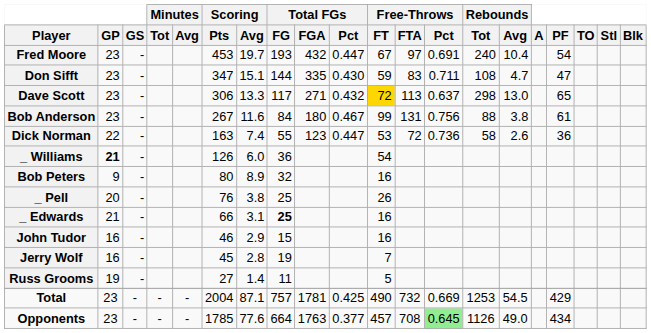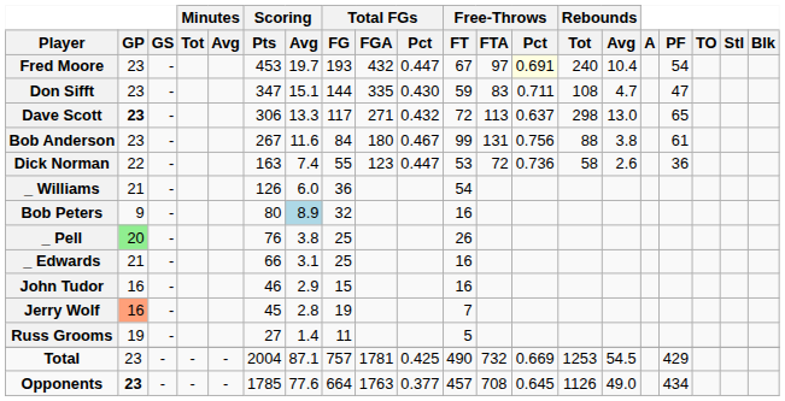 <table class="wikitable sortable" border="1" style="font-size:90%;">
 <tr>
 <th colspan="3" style="border-top-style:hidden; border-left-style:hidden; background: white;"></th>
 <th colspan="2" style=>Minutes</th>
 <th colspan="2" style=>Scoring</th>
 <th colspan="3" style=>Total FGs</th>
 <th colspan="3" style=>Free-Throws</th>
 <th colspan="2" style=>Rebounds</th>
 <th colspan="5" style="border-top-style:hidden; border-right-style:hidden; background: white;"></th>
 </tr>
 <tr>
 <th scope="col" style=>Player</th>
 <th scope="col" style=>GP</th>
 <th scope="col" style=>GS</th>
 <th scope="col" style=>Tot</th>
 <th scope="col" style=>Avg</th>
 <th scope="col" style=>Pts</th>
 <th scope="col" style=>Avg</th>
 <th scope="col" style=>FG</th>
 <th scope="col" style=>FGA</th>
 <th scope="col" style=>Pct</th>
 <th scope="col" style=>FT</th>
 <th scope="col" style=>FTA</th>
 <th scope="col" style=>Pct</th>
 <th scope="col" style=>Tot</th>
 <th scope="col" style=>Avg</th>
 <th scope="col" style=>A</th>
 <th scope="col" style=>PF</th>
 <th scope="col" style=>TO</th>
 <th scope="col" style=>Stl</th>
 <th scope="col" style=>Blk</th>
 </tr>
 <tr>
 <th>Fred Moore</th>
 <td align="right">23</td>
 <td align="right">-</td>
 <td align="right"></td>
 <td align="right"></td>
 <td align="right">453</td>
 <td align="right">19.7</td>
 <td align="right">193</td>
 <td align="right">432</td>
 <td align="right">0.447</td>
 <td align="right">67</td>
 <td align="right">97</td>
-<td align="right">0.691</td>
+<td align="right" style="background: lightyellow;">0.691</td>
 <td align="right">240</td>
 <td align="right">10.4</td>
 <td align="right"></td>
 <td align="right">54</td>
 <td align="right"></td>
 <td align="right"></td>
 <td align="right"></td>
 </tr>
 <tr>
 <th>Don Sifft</th>
 <td align="right">23</td>
 <td align="right">-</td>
 <td align="right"></td>
 <td align="right"></td>
 <td align="right">347</td>
 <td align="right">15.1</td>
 <td align="right">144</td>
 <td align="right">335</td>
 <td align="right">0.430</td>
 <td align="right">59</td>
 <td align="right">83</td>
 <td align="right">0.711</td>
 <td align="right">108</td>
 <td align="right">4.7</td>
 <td align="right"></td>
 <td align="right">47</td>
 <td align="right"></td>
 <td align="right"></td>
 <td align="right"></td>
 </tr>
 <tr>
 <th>Dave Scott</th>
-<td align="right">23</td>
+<td align="right"><strong>23</strong></td>
 <td align="right">-</td>
 <td align="right"></td>
 <td align="right"></td>
 <td align="right">306</td>
 <td align="right">13.3</td>
 <td align="right">117</td>
 <td align="right">271</td>
 <td align="right">0.432</td>
-<td align="right" style="background: gold;">72</td>
+<td align="right">72</td>
 <td align="right">113</td>
 <td align="right">0.637</td>
 <td align="right">298</td>
 <td align="right">13.0</td>
 <td align="right"></td>
 <td align="right">65</td>
 <td align="right"></td>
 <td align="right"></td>
 <td align="right"></td>
 </tr>
 <tr>
 <th>Bob Anderson</th>
 <td align="right">23</td>
 <td align="right">-</td>
 <td align="right"></td>
 <td align="right"></td>
 <td align="right">267</td>
 <td align="right">11.6</td>
 <td align="right">84</td>
 <td align="right">180</td>
 <td align="right">0.467</td>
 <td align="right">99</td>
 <td align="right">131</td>
 <td align="right">0.756</td>
 <td align="right">88</td>
 <td align="right">3.8</td>
 <td align="right"></td>
 <td align="right">61</td>
 <td align="right"></td>
 <td align="right"></td>
 <td align="right"></td>
 </tr>
 <tr>
 <th>Dick Norman</th>
 <td align="right">22</td>
 <td align="right">-</td>
 <td align="right"></td>
 <td align="right"></td>
 <td align="right">163</td>
 <td align="right">7.4</td>
 <td align="right">55</td>
 <td align="right">123</td>
 <td align="right">0.447</td>
 <td align="right">53</td>
 <td align="right">72</td>
 <td align="right">0.736</td>
 <td align="right">58</td>
 <td align="right">2.6</td>
 <td align="right"></td>
 <td align="right">36</td>
 <td align="right"></td>
 <td align="right"></td>
 <td align="right"></td>
 </tr>
 <tr>
 <th>_ Williams</th>
-<td align="right"><strong>21</strong></td>
+<td align="right">21</td>
 <td align="right">-</td>
 <td align="right"></td>
 <td align="right"></td>
 <td align="right">126</td>
 <td align="right">6.0</td>
 <td align="right">36</td>
 <td align="right"></td>
 <td align="right"></td>
 <td align="right">54</td>
 <td align="right"></td>
 <td align="right"></td>
 <td align="right"></td>
 <td align="right"></td>
 <td align="right"></td>
 <td align="right"></td>
 <td align="right"></td>
 <td align="right"></td>
 <td align="right"></td>
 </tr>
 <tr>
 <th>Bob Peters</th>
 <td align="right">9</td>
 <td align="right">-</td>
 <td align="right"></td>
 <td align="right"></td>
 <td align="right">80</td>
-<td align="right">8.9</td>
+<td align="right" style="background: lightblue;">8.9</td>
 <td align="right">32</td>
 <td align="right"></td>
 <td align="right"></td>
 <td align="right">16</td>
 <td align="right"></td>
 <td align="right"></td>
 <td align="right"></td>
 <td align="right"></td>
 <td align="right"></td>
 <td align="right"></td>
 <td align="right"></td>
 <td align="right"></td>
 <td align="right"></td>
 </tr>
 <tr>
 <th>_ Pell</th>
-<td align="right">20</td>
+<td align="right" style="background: lightgreen;">20</td>
 <td align="right">-</td>
 <td align="right"></td>
 <td align="right"></td>
 <td align="right">76</td>
 <td align="right">3.8</td>
 <td align="right">25</td>
 <td align="right"></td>
 <td align="right"></td>
 <td align="right">26</td>
 <td align="right"></td>
 <td align="right"></td>
 <td align="right"></td>
 <td align="right"></td>
 <td align="right"></td>
 <td align="right"></td>
 <td align="right"></td>
 <td align="right"></td>
 <td align="right"></td>
 </tr>
 <tr>
 <th>_ Edwards</th>
 <td align="right">21</td>
 <td align="right">-</td>
 <td align="right"></td>
 <td align="right"></td>
 <td align="right">66</td>
 <td align="right">3.1</td>
-<td align="right"><strong>25</strong></td>
+<td align="right">25</td>
 <td align="right"></td>
 <td align="right"></td>
 <td align="right">16</td>
 <td align="right"></td>
 <td align="right"></td>
 <td align="right"></td>
 <td align="right"></td>
 <td align="right"></td>
 <td align="right"></td>
 <td align="right"></td>
 <td align="right"></td>
 <td align="right"></td>
 </tr>
 <tr>
 <th>John Tudor</th>
 <td align="right">16</td>
 <td align="right">-</td>
 <td align="right"></td>
 <td align="right"></td>
 <td align="right">46</td>
 <td align="right">2.9</td>
 <td align="right">15</td>
 <td align="right"></td>
 <td align="right"></td>
 <td align="right">16</td>
 <td align="right"></td>
 <td align="right"></td>
 <td align="right"></td>
 <td align="right"></td>
 <td align="right"></td>
 <td align="right"></td>
 <td align="right"></td>
 <td align="right"></td>
 <td align="right"></td>
 </tr>
 <tr>
 <th>Jerry Wolf</th>
-<td align="right">16</td>
+<td align="right" style="background: lightsalmon;">16</td>
 <td align="right">-</td>
 <td align="right"></td>
 <td align="right"></td>
 <td align="right">45</td>
 <td align="right">2.8</td>
 <td align="right">19</td>
 <td align="right"></td>
 <td align="right"></td>
 <td align="right">7</td>
 <td align="right"></td>
 <td align="right"></td>
 <td align="right"></td>
 <td align="right"></td>
 <td align="right"></td>
 <td align="right"></td>
 <td align="right"></td>
 <td align="right"></td>
 <td align="right"></td>
 </tr>
 <tr>
 <th>Russ Grooms</th>
 <td align="right">19</td>
 <td align="right">-</td>
 <td align="right"></td>
 <td align="right"></td>
 <td align="right">27</td>
 <td align="right">1.4</td>
 <td align="right">11</td>
 <td align="right"></td>
 <td align="right"></td>
 <td align="right">5</td>
 <td align="right"></td>
 <td align="right"></td>
 <td align="right"></td>
 <td align="right"></td>
 <td align="right"></td>
 <td align="right"></td>
 <td align="right"></td>
 <td align="right"></td>
 <td align="right"></td>
 </tr>
 <tr>
 </tr>
 <tr class="sortbottom">
 <td align="center" style=><strong>Total</strong></td>
 <td align="center" style=>23</td>
 <td align="center" style=>-</td>
 <td align="center" style=>-</td>
 <td align="center" style=>-</td>
 <td align="center" style=>2004</td>
 <td align="center" style=>87.1</td>
 <td align="center" style=>757</td>
 <td align="center" style=>1781</td>
 <td align="center" style=>0.425</td>
 <td align="center" style=>490</td>
 <td align="center" style=>732</td>
 <td align="center" style=>0.669</td>
 <td align="center" style=>1253</td>
 <td align="center" style=>54.5</td>
 <td align="center" style=></td>
 <td align="center" style=>429</td>
 <td align="center" style=></td>
 <td align="center" style=></td>
 <td align="center" style=></td>
 </tr>
 <tr class="sortbottom">
 <td align="center"><strong>Opponents</strong></td>
-<td align="center">23</td>
+<td align="center"><strong>23</strong></td>
 <td align="center">-</td>
 <td align="center">-</td>
 <td align="center">-</td>
 <td align="center">1785</td>
 <td align="center">77.6</td>
 <td align="center">664</td>
 <td align="center">1763</td>
 <td align="center">0.377</td>
 <td align="center">457</td>
 <td align="center">708</td>
-<td align="center" style="background: lightgreen;">0.645</td>
+<td align="center">0.645</td>
 <td align="center">1126</td>
 <td align="center">49.0</td>
 <td align="center"></td>
 <td align="center">434</td>
 <td align="center"></td>
 <td align="center"></td>
 <td align="center"></td>
 </tr>
 </table>
